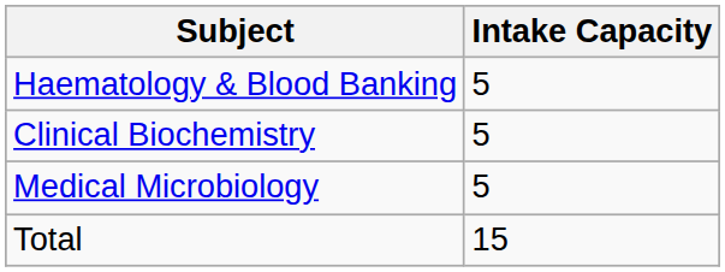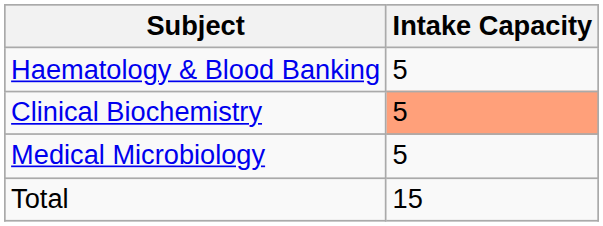 <table class="wikitable">
 <tr>
 <th>Subject</th>
 <th>Intake Capacity</th>
 </tr>
 <tr>
 <td><a href='#'>Haematology & Blood Banking</a></td>
 <td>5</td>
 </tr>
 <tr>
 <td><a href='#'>Clinical Biochemistry</a></td>
-<td>5</td>
+<td style="background: lightsalmon;">5</td>
 </tr>
 <tr>
 <td><a href='#'>Medical Microbiology</a></td>
 <td>5</td>
 </tr>
 <tr>
 <td>Total</td>
 <td>15</td>
 </tr>
 </table>
